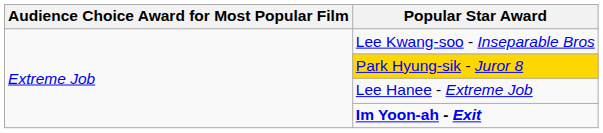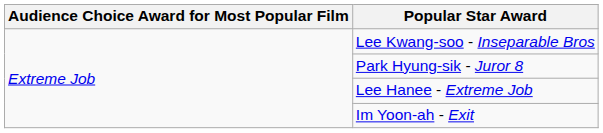 <table class="wikitable">
 <tr>
 <th><strong>Audience Choice Award for Most Popular Film</strong></th>
 <th><strong>Popular Star Award</strong></th>
 </tr>
 <tr>
 <td rowspan="4"><em><a href='#'>Extreme Job</a></em></td>
 <td><a href='#'>Lee Kwang-soo</a> - <em><a href='#'>Inseparable Bros</a></em></td>
 </tr>
 <tr>
-<td style="background: gold;"><a href='#'>Park Hyung-sik</a> - <em><a href='#'>Juror 8</a></em></td>
+<td><a href='#'>Park Hyung-sik</a> - <em><a href='#'>Juror 8</a></em></td>
 </tr>
 <tr>
 <td><a href='#'>Lee Hanee</a> - <em><a href='#'>Extreme Job</a></em></td>
 </tr>
 <tr>
-<td><strong><a href='#'>Im Yoon-ah</a> - <em><a href='#'>Exit</a></em></strong></td>
+<td><a href='#'>Im Yoon-ah</a> - <em><a href='#'>Exit</a></em></td>
 </tr>
 </table>
